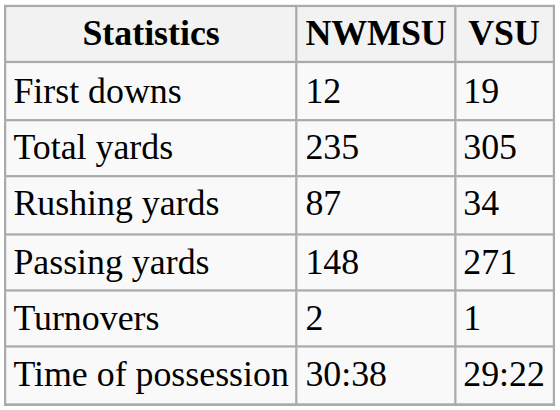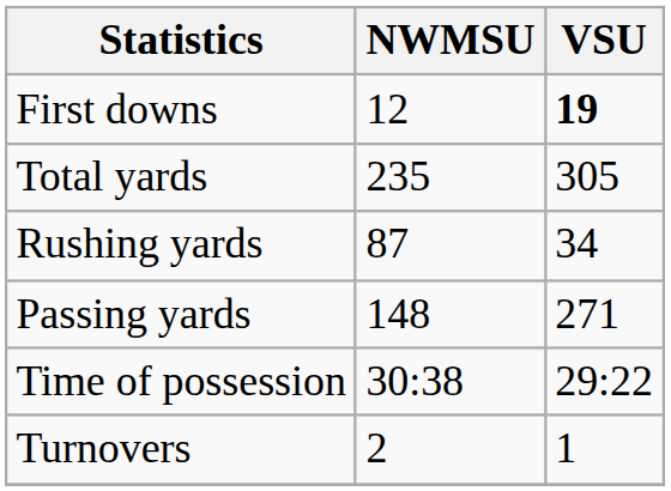 <table class="wikitable" style="float: left;">
 <tr>
 <th>Statistics</th>
 <th>NWMSU</th>
 <th>VSU</th>
 </tr>
 <tr>
 <td>First downs</td>
 <td>12</td>
-<td>19</td>
+<td><strong>19</strong></td>
 </tr>
 <tr>
 <td>Total yards</td>
 <td>235</td>
 <td>305</td>
 </tr>
 <tr>
 <td>Rushing yards</td>
 <td>87</td>
 <td>34</td>
 </tr>
 <tr>
 <td>Passing yards</td>
 <td>148</td>
 <td>271</td>
 </tr>
 <tr>
+<td>Time of possession</td>
+<td>30:38</td>
+<td>29:22</td>
+</tr>
+<tr>
 <td>Turnovers</td>
 <td>2</td>
 <td>1</td>
 </tr>
 <tr>
-<td>Time of possession</td>
-<td>30:38</td>
-<td>29:22</td>
-</tr>
-<tr>
 </tr>
 </table>
